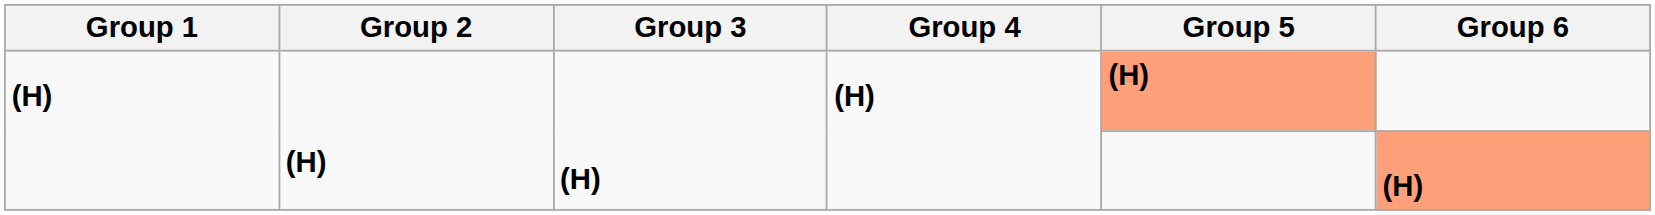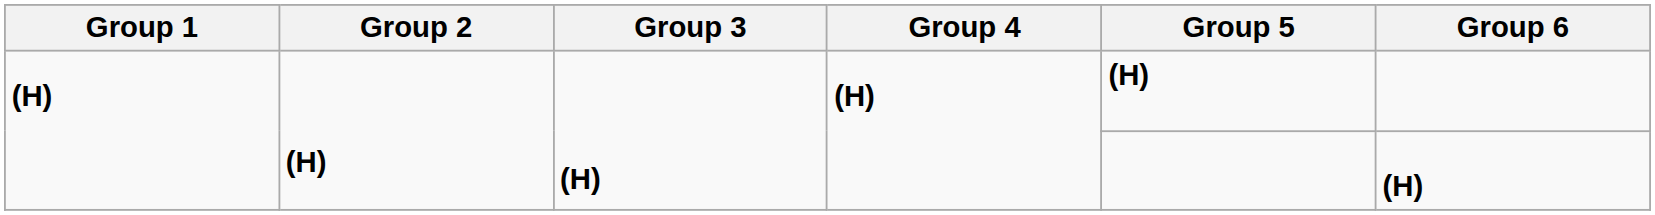 <table class="wikitable" width="900">
 <tr>
 <th>Group 1</th>
 <th>Group 2</th>
 <th>Group 3</th>
 <th>Group 4</th>
 <th>Group 5</th>
 <th>Group 6</th>
 </tr>
 <tr>
 <td rowspan="2"> <strong>(H)</strong><br><br><br></td>
 <td rowspan="2"><br><br> <strong>(H)</strong><br></td>
 <td rowspan="2"><br><br><br> <strong>(H)</strong></td>
 <td rowspan="2"> <strong>(H)</strong><br><br><br></td>
-<td style="background: lightsalmon;"> <strong>(H)</strong><br><br></td>
+<td> <strong>(H)</strong><br><br></td>
 <td><br><br></td>
 </tr>
 <tr>
 <td><br><br></td>
-<td style="background: lightsalmon;"><br> <strong>(H)</strong><br></td>
+<td><br> <strong>(H)</strong><br></td>
 </tr>
 </table>
